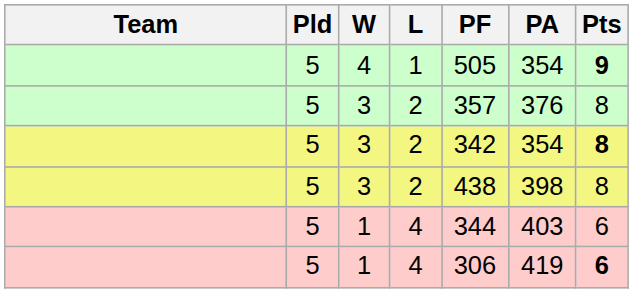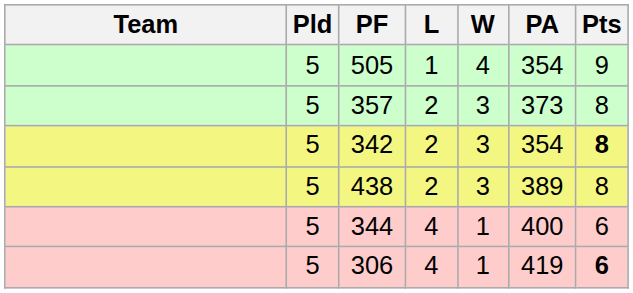 <table class="wikitable" style="text-align:center;">
 <tr>
 <th width=170>Team</th>
 <th width=25>Pld</th>
+<th width=35>PF</th>
+<th width=25>L</th>
 <th width=25>W</th>
-<th width=25>L</th>
-<th width=35>PF</th>
 <th width=35>PA</th>
 <th width=25>Pts</th>
 </tr>
 <tr bgcolor=#ccffcc>
 <td align="left"></td>
 <td>5</td>
+<td>505</td>
+<td>1</td>
 <td>4</td>
-<td>1</td>
-<td>505</td>
 <td>354</td>
-<td><strong>9</strong></td>
+<td>9</td>
 </tr>
 <tr bgcolor=#ccffcc>
 <td align="left"></td>
 <td>5</td>
+<td>357</td>
+<td>2</td>
 <td>3</td>
-<td>2</td>
-<td>357</td>
-<td>376</td>
+<td>373</td>
 <td>8</td>
 </tr>
 <tr bgcolor=#F3F781>
 <td align="left"></td>
 <td>5</td>
+<td>342</td>
+<td>2</td>
 <td>3</td>
-<td>2</td>
-<td>342</td>
 <td>354</td>
 <td><strong>8</strong></td>
 </tr>
 <tr bgcolor=#F3F781>
 <td align="left"></td>
 <td>5</td>
+<td>438</td>
+<td>2</td>
 <td>3</td>
-<td>2</td>
-<td>438</td>
-<td>398</td>
+<td>389</td>
 <td>8</td>
 </tr>
 <tr bgcolor=#ffcccc>
 <td align="left"></td>
 <td>5</td>
+<td>344</td>
+<td>4</td>
 <td>1</td>
-<td>4</td>
-<td>344</td>
-<td>403</td>
+<td>400</td>
 <td>6</td>
 </tr>
 <tr bgcolor=#ffcccc>
 <td align="left"></td>
 <td>5</td>
+<td>306</td>
+<td>4</td>
 <td>1</td>
-<td>4</td>
-<td>306</td>
 <td>419</td>
 <td><strong>6</strong></td>
 </tr>
 </table>
